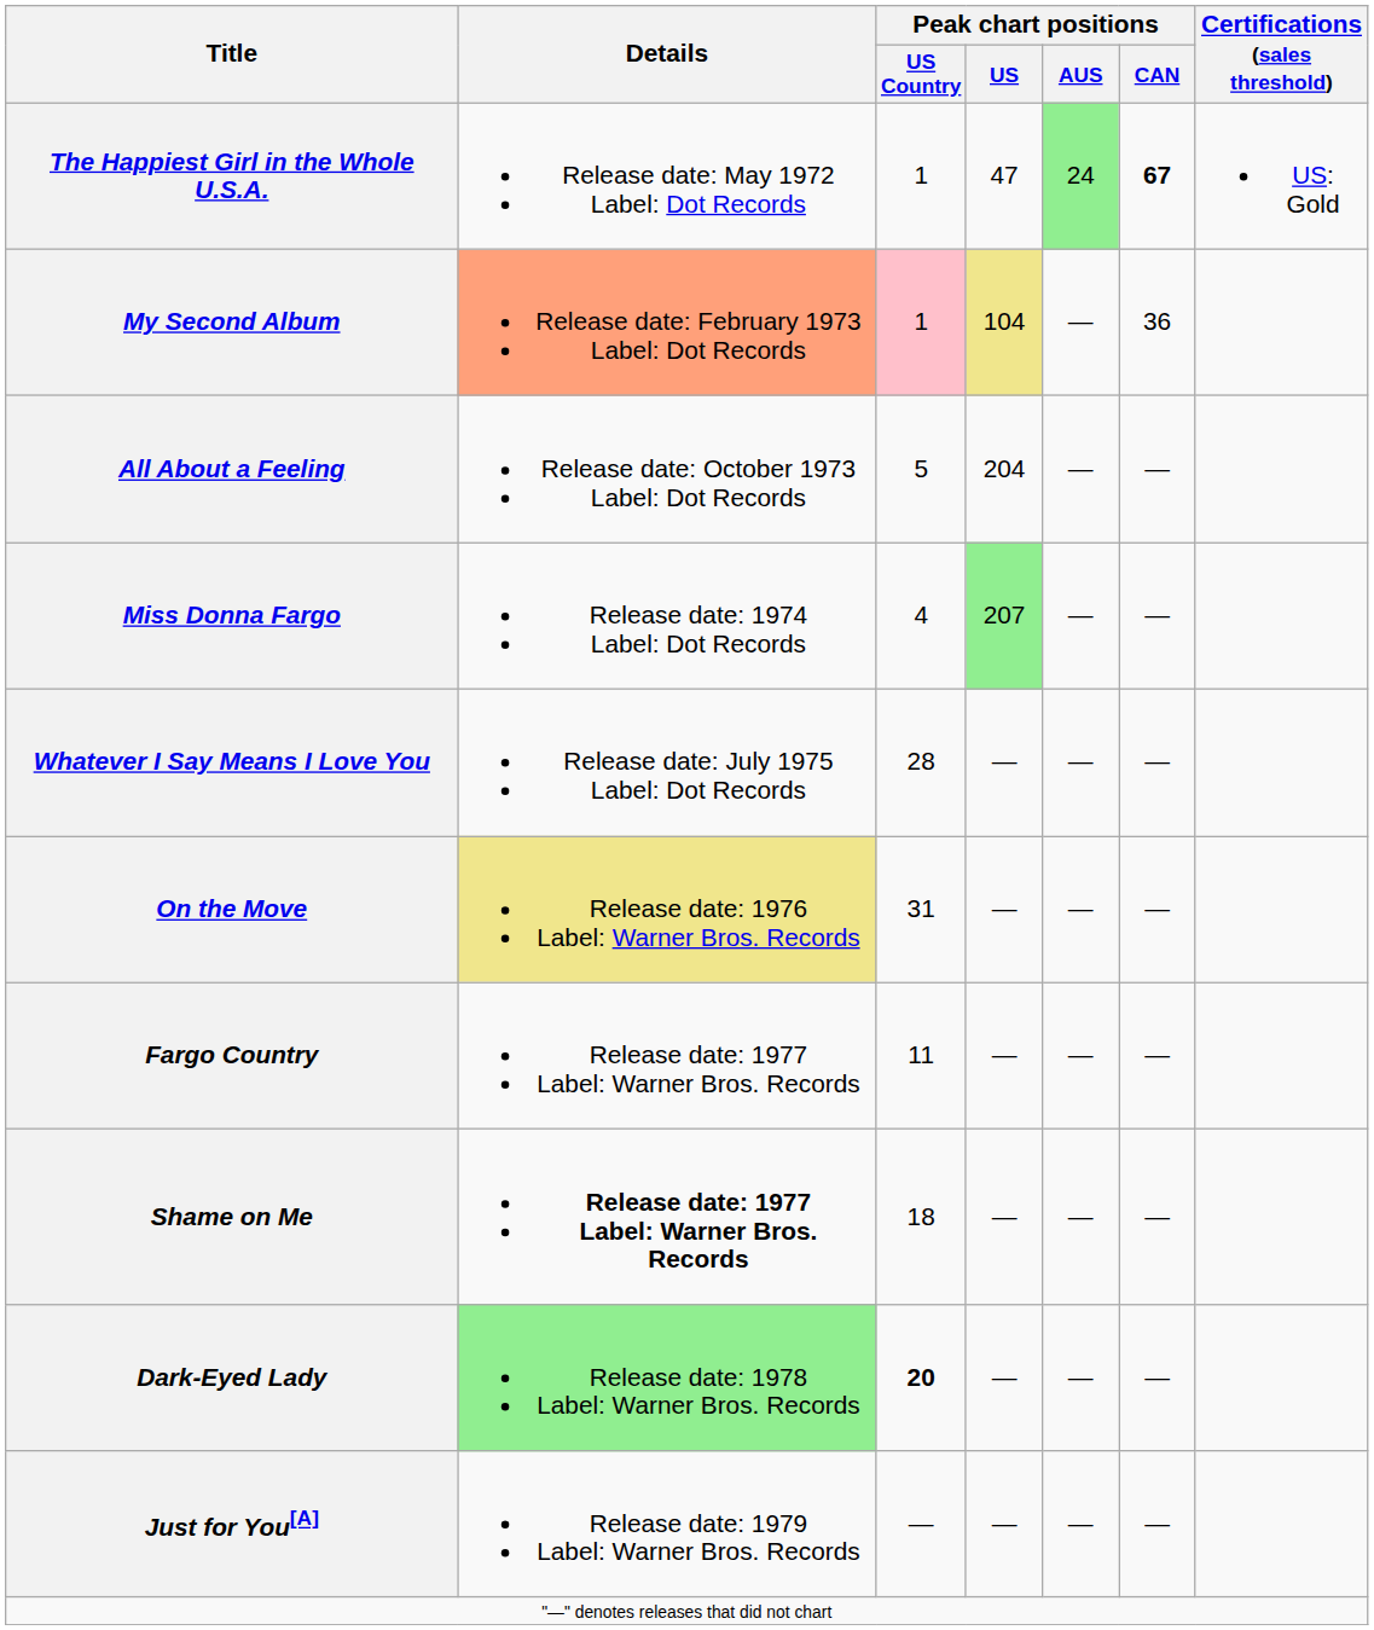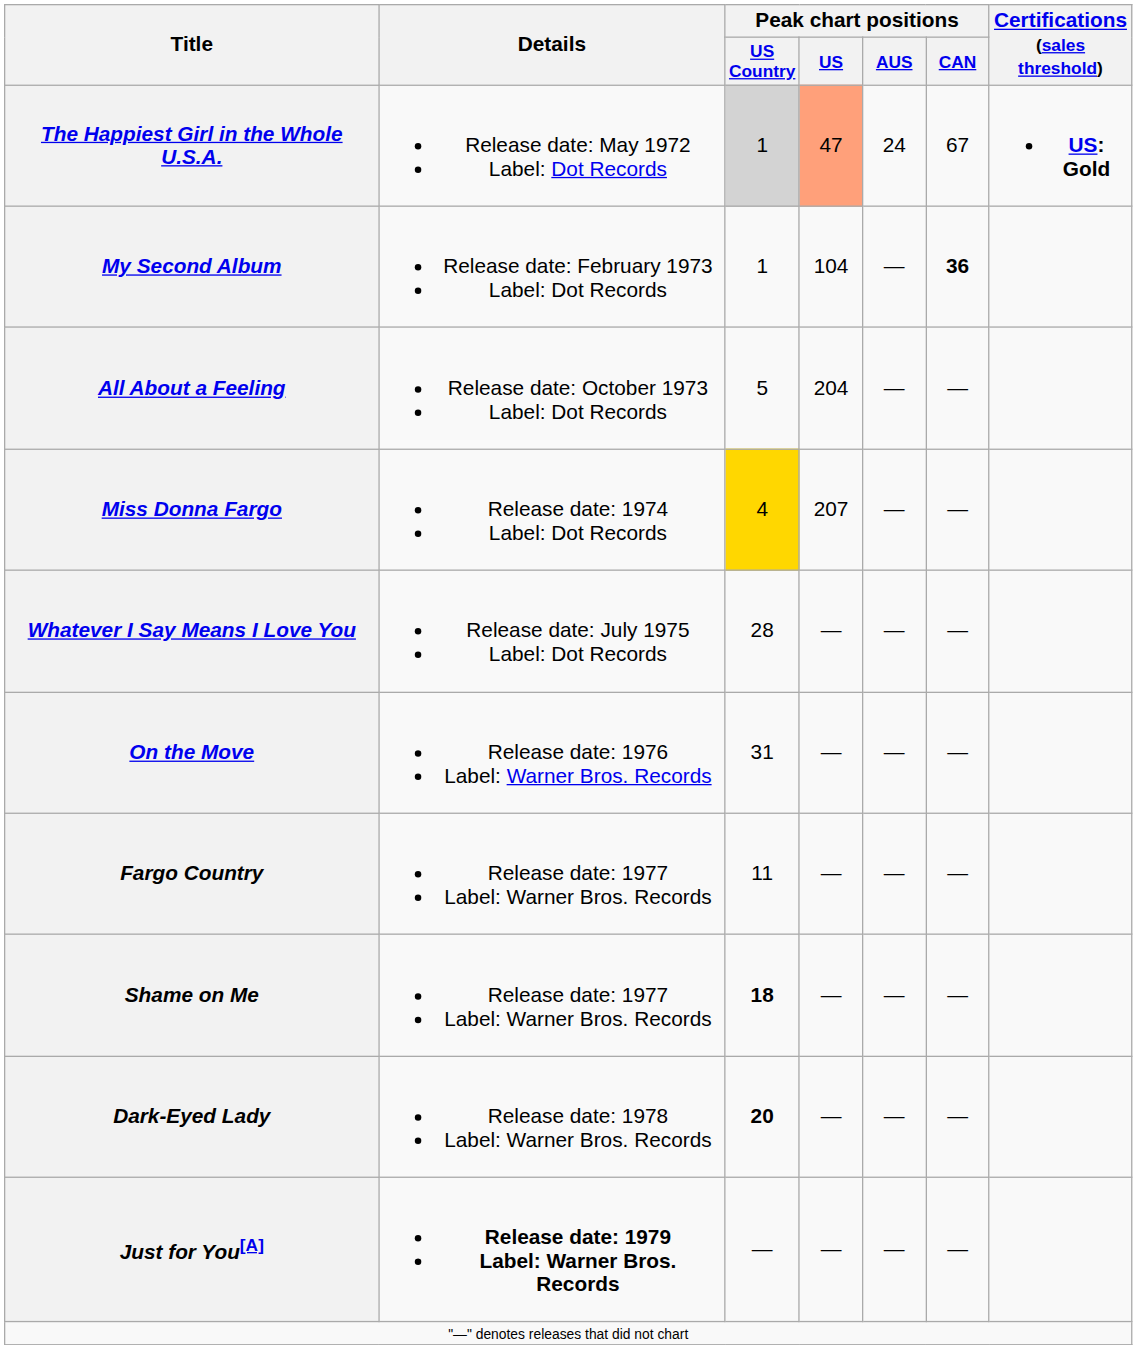 <table class="wikitable plainrowheaders" style="text-align:center;">
 <tr>
 <th rowspan="2" style="width:20em;">Title</th>
 <th rowspan="2" style="width:18em;">Details</th>
 <th colspan="4">Peak chart positions</th>
 <th rowspan="2"><a href='#'>Certifications</a><br><small>(<a href='#'>sales threshold</a>)</small></th>
 </tr>
 <tr style="font-size:smaller;">
 <th width="45"><a href='#'>US Country</a><br></th>
 <th width="45"><a href='#'>US</a><br></th>
 <th width="45"><a href='#'>AUS</a><br></th>
 <th width="45"><a href='#'>CAN</a><br></th>
 </tr>
 <tr>
 <th scope="row"><em><a href='#'>The Happiest Girl in the Whole U.S.A.</a></em></th>
 <td><br><ul><li>Release date: May 1972</li><li>Label: <a href='#'>Dot Records</a></li></ul></td>
-<td>1</td>
-<td>47</td>
-<td style="background: lightgreen;">24</td>
-<td><strong>67</strong></td>
-<td><br><ul><li><a href='#'>US</a>: Gold</li></ul></td>
+<td style="background: lightgrey;">1</td>
+<td style="background: lightsalmon;">47</td>
+<td>24</td>
+<td>67</td>
+<td><strong><br><ul><li><a href='#'>US</a>: Gold</li></ul></strong></td>
 </tr>
 <tr>
 <th scope="row"><em><a href='#'>My Second Album</a></em></th>
-<td style="background: lightsalmon;"><br><ul><li>Release date: February 1973</li><li>Label: Dot Records</li></ul></td>
-<td style="background: pink;">1</td>
-<td style="background: khaki;">104</td>
+<td><br><ul><li>Release date: February 1973</li><li>Label: Dot Records</li></ul></td>
+<td>1</td>
+<td>104</td>
 <td>—</td>
-<td>36</td>
+<td><strong>36</strong></td>
 <td></td>
 </tr>
 <tr>
 <th scope="row"><em><a href='#'>All About a Feeling</a></em></th>
 <td><br><ul><li>Release date: October 1973</li><li>Label: Dot Records</li></ul></td>
 <td>5</td>
 <td>204</td>
 <td>—</td>
 <td>—</td>
 <td></td>
 </tr>
 <tr>
 <th scope="row"><em><a href='#'>Miss Donna Fargo</a></em></th>
 <td><br><ul><li>Release date: 1974</li><li>Label: Dot Records</li></ul></td>
-<td>4</td>
-<td style="background: lightgreen;">207</td>
+<td style="background: gold;">4</td>
+<td>207</td>
 <td>—</td>
 <td>—</td>
 <td></td>
 </tr>
 <tr>
 <th scope="row"><em><a href='#'>Whatever I Say Means I Love You</a></em></th>
 <td><br><ul><li>Release date: July 1975</li><li>Label: Dot Records</li></ul></td>
 <td>28</td>
 <td>—</td>
 <td>—</td>
 <td>—</td>
 <td></td>
 </tr>
 <tr>
 <th scope="row"><em><a href='#'>On the Move</a></em></th>
-<td style="background: khaki;"><br><ul><li>Release date: 1976</li><li>Label: <a href='#'>Warner Bros. Records</a></li></ul></td>
+<td><br><ul><li>Release date: 1976</li><li>Label: <a href='#'>Warner Bros. Records</a></li></ul></td>
 <td>31</td>
 <td>—</td>
 <td>—</td>
 <td>—</td>
 <td></td>
 </tr>
 <tr>
 <th scope="row"><em>Fargo Country</em></th>
 <td><br><ul><li>Release date: 1977</li><li>Label: Warner Bros. Records</li></ul></td>
 <td>11</td>
 <td>—</td>
 <td>—</td>
 <td>—</td>
 <td></td>
 </tr>
 <tr>
 <th scope="row"><em>Shame on Me</em></th>
-<td><strong><br><ul><li>Release date: 1977</li><li>Label: Warner Bros. Records</li></ul></strong></td>
-<td>18</td>
+<td><br><ul><li>Release date: 1977</li><li>Label: Warner Bros. Records</li></ul></td>
+<td><strong>18</strong></td>
 <td>—</td>
 <td>—</td>
 <td>—</td>
 <td></td>
 </tr>
 <tr>
 <th scope="row"><em>Dark-Eyed Lady</em></th>
-<td style="background: lightgreen;"><br><ul><li>Release date: 1978</li><li>Label: Warner Bros. Records</li></ul></td>
+<td><br><ul><li>Release date: 1978</li><li>Label: Warner Bros. Records</li></ul></td>
 <td><strong>20</strong></td>
 <td>—</td>
 <td>—</td>
 <td>—</td>
 <td></td>
 </tr>
 <tr>
 <th scope="row"><em>Just for You</em><sup><span></span><a href='#'><strong>[A]</strong></a></sup></th>
-<td><br><ul><li>Release date: 1979</li><li>Label: Warner Bros. Records</li></ul></td>
+<td><strong><br><ul><li>Release date: 1979</li><li>Label: Warner Bros. Records</li></ul></strong></td>
 <td>—</td>
 <td>—</td>
 <td>—</td>
 <td>—</td>
 <td></td>
 </tr>
 <tr>
 <td colspan="7" style="font-size: 8pt">"—" denotes releases that did not chart</td>
 </tr>
 <tr>
 </tr>
 </table>
